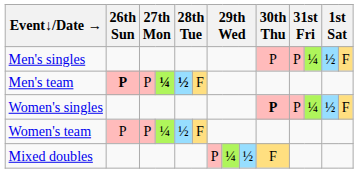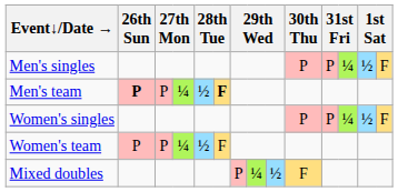 <table class="wikitable" style="margin:0.5em auto; font-size:90%; line-height:1.25em; text-align:center;">
 <tr>
 <th>Event↓/Date →</th>
 <th>26th<br>Sun</th>
 <th colspan=2>27th<br>Mon</th>
 <th colspan=2>28th<br>Tue</th>
 <th colspan=3>29th<br>Wed</th>
 <th>30th<br>Thu</th>
 <th colspan=2>31st<br>Fri</th>
 <th colspan=2>1st<br>Sat</th>
 </tr>
 <tr>
 <td align="left"><a href='#'>Men's singles</a></td>
 <td></td>
 <td colspan=2></td>
 <td colspan=2></td>
 <td colspan=3></td>
 <td bgcolor="#FFBBBB">P</td>
 <td bgcolor="#FFBBBB">P</td>
 <td bgcolor="#AFF55B">¼</td>
 <td bgcolor="#97DEFF">½</td>
 <td bgcolor="#FFDF80">F</td>
 </tr>
 <tr>
 <td align="left"><a href='#'>Men's team</a></td>
 <td bgcolor="#FFBBBB"><strong>P</strong></td>
 <td bgcolor="#FFBBBB">P</td>
-<td bgcolor="#AFF55B"><strong>¼</strong></td>
-<td bgcolor="#97DEFF"><strong>½</strong></td>
-<td bgcolor="#FFDF80">F</td>
+<td bgcolor="#AFF55B">¼</td>
+<td bgcolor="#97DEFF">½</td>
+<td bgcolor="#FFDF80"><strong>F</strong></td>
 <td colspan=3></td>
 <td></td>
 <td colspan=2></td>
 <td colspan=2></td>
 </tr>
 <tr>
 <td align="left"><a href='#'>Women's singles</a></td>
 <td></td>
 <td colspan=2></td>
 <td colspan=2></td>
 <td colspan=3></td>
-<td bgcolor="#FFBBBB"><strong>P</strong></td>
+<td bgcolor="#FFBBBB">P</td>
 <td bgcolor="#FFBBBB">P</td>
 <td bgcolor="#AFF55B">¼</td>
 <td bgcolor="#97DEFF">½</td>
 <td bgcolor="#FFDF80">F</td>
 </tr>
 <tr>
 <td align="left"><a href='#'>Women's team</a></td>
 <td bgcolor="#FFBBBB">P</td>
 <td bgcolor="#FFBBBB">P</td>
 <td bgcolor="#AFF55B">¼</td>
 <td bgcolor="#97DEFF">½</td>
 <td bgcolor="#FFDF80">F</td>
 <td colspan=3></td>
 <td></td>
 <td colspan=2></td>
 <td colspan=2></td>
 </tr>
 <tr>
 <td align="left"><a href='#'>Mixed doubles</a></td>
 <td></td>
 <td colspan=2></td>
 <td colspan=2></td>
 <td bgcolor="#FFBBBB">P</td>
 <td bgcolor="#AFF55B">¼</td>
 <td bgcolor="#97DEFF">½</td>
 <td bgcolor="#FFDF80">F</td>
 <td colspan=2></td>
 <td colspan=2></td>
 </tr>
 </table>
